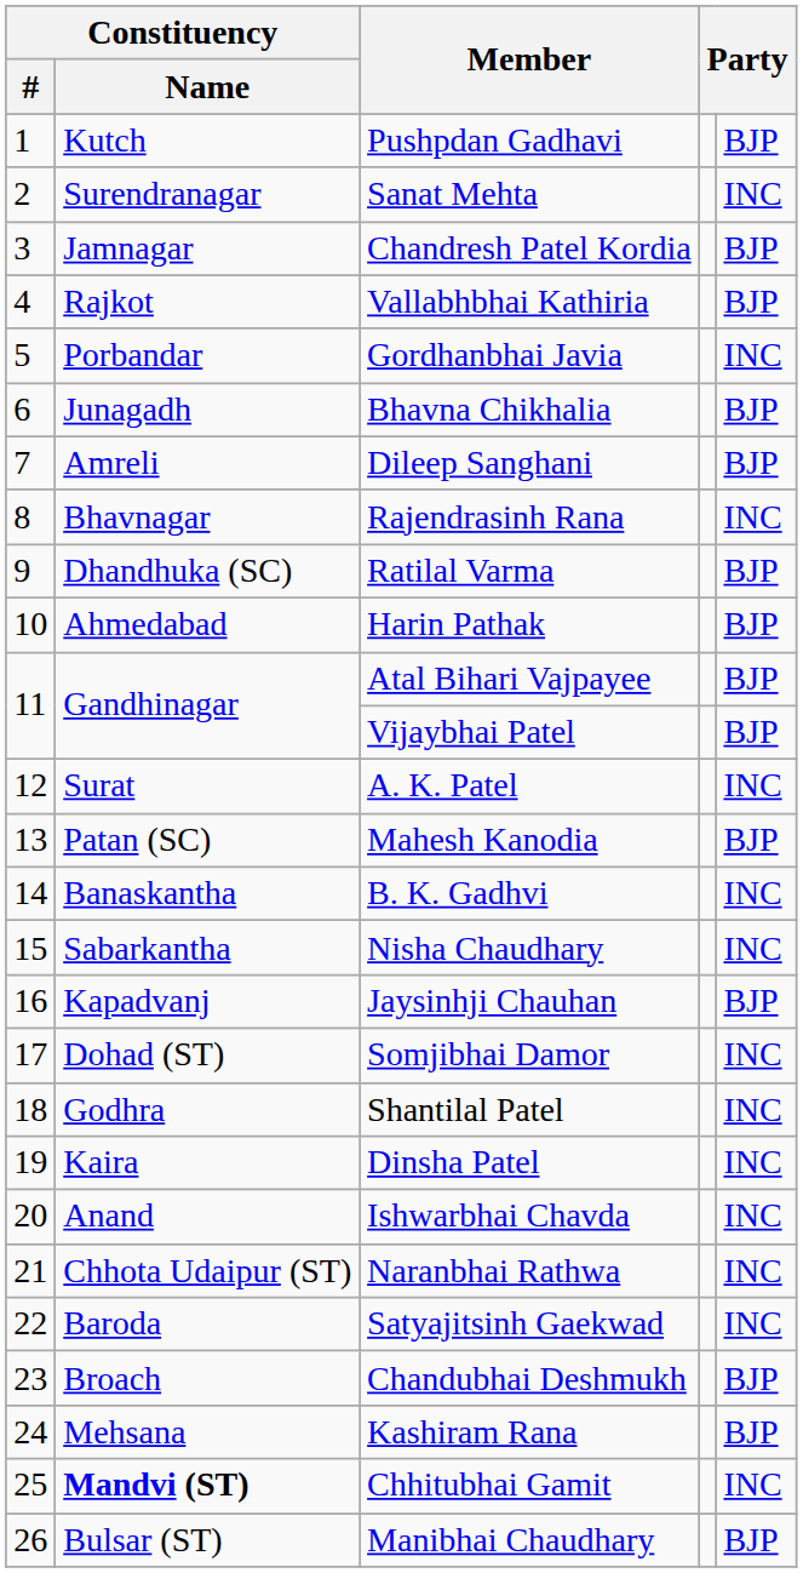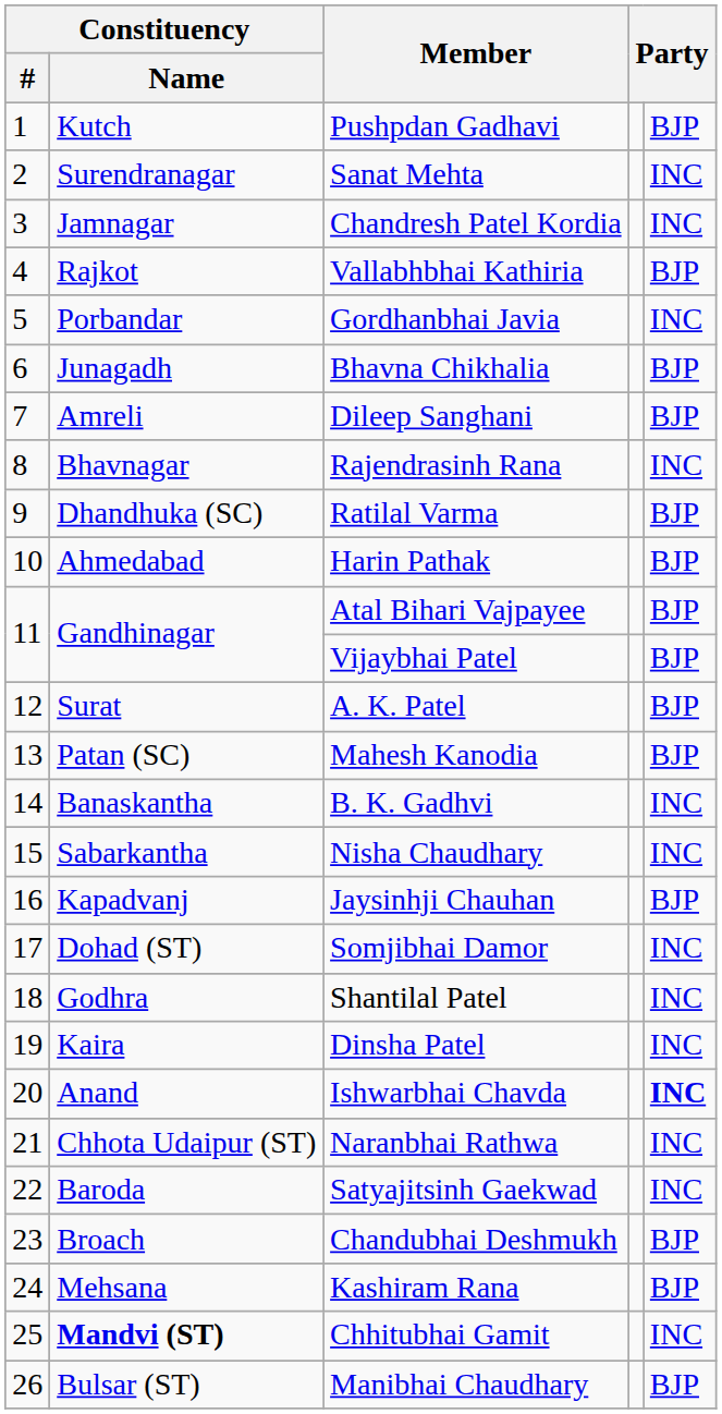 <table class="wikitable sortable">
 <tr>
 <th colspan="2">Constituency</th>
 <th rowspan="2">Member</th>
 <th colspan="2" rowspan="2">Party</th>
 </tr>
 <tr>
 <th>#</th>
 <th>Name</th>
 </tr>
 <tr>
 <td>1</td>
 <td><a href='#'>Kutch</a></td>
 <td><a href='#'>Pushpdan Gadhavi</a></td>
 <td style="background-color: "></td>
 <td><a href='#'>BJP</a></td>
 </tr>
 <tr>
 <td>2</td>
 <td><a href='#'>Surendranagar</a></td>
 <td><a href='#'>Sanat Mehta</a></td>
 <td style="background-color: "></td>
 <td><a href='#'>INC</a></td>
 </tr>
 <tr>
 <td>3</td>
 <td><a href='#'>Jamnagar</a></td>
 <td><a href='#'>Chandresh Patel Kordia</a></td>
 <td style="background-color: "></td>
-<td><a href='#'>BJP</a></td>
+<td><a href='#'>INC</a></td>
 </tr>
 <tr>
 <td>4</td>
 <td><a href='#'>Rajkot</a></td>
 <td><a href='#'>Vallabhbhai Kathiria</a></td>
 <td style="background-color: "></td>
 <td><a href='#'>BJP</a></td>
 </tr>
 <tr>
 <td>5</td>
 <td><a href='#'>Porbandar</a></td>
 <td><a href='#'>Gordhanbhai Javia</a></td>
 <td style="background-color: "></td>
 <td><a href='#'>INC</a></td>
 </tr>
 <tr>
 <td>6</td>
 <td><a href='#'>Junagadh</a></td>
 <td><a href='#'>Bhavna Chikhalia</a></td>
 <td style="background-color: "></td>
 <td><a href='#'>BJP</a></td>
 </tr>
 <tr>
 <td>7</td>
 <td><a href='#'>Amreli</a></td>
 <td><a href='#'>Dileep Sanghani</a></td>
 <td style="background-color: "></td>
 <td><a href='#'>BJP</a></td>
 </tr>
 <tr>
 <td>8</td>
 <td><a href='#'>Bhavnagar</a></td>
 <td><a href='#'>Rajendrasinh Rana</a></td>
 <td style="background-color: "></td>
 <td><a href='#'>INC</a></td>
 </tr>
 <tr>
 <td>9</td>
 <td><a href='#'>Dhandhuka</a> (SC)</td>
 <td><a href='#'>Ratilal Varma</a></td>
 <td style="background-color: "></td>
 <td><a href='#'>BJP</a></td>
 </tr>
 <tr>
 <td>10</td>
 <td><a href='#'>Ahmedabad</a></td>
 <td><a href='#'>Harin Pathak</a></td>
 <td style="background-color: "></td>
 <td><a href='#'>BJP</a></td>
 </tr>
 <tr>
 <td rowspan="2">11</td>
 <td rowspan="2"><a href='#'>Gandhinagar</a></td>
 <td><a href='#'>Atal Bihari Vajpayee</a></td>
 <td style="background-color: "></td>
 <td><a href='#'>BJP</a></td>
 </tr>
 <tr>
 <td><a href='#'>Vijaybhai Patel</a></td>
 <td style="background-color: "></td>
 <td><a href='#'>BJP</a></td>
 </tr>
 <tr>
 <td>12</td>
 <td><a href='#'>Surat</a></td>
 <td><a href='#'>A. K. Patel</a></td>
 <td style="background-color: "></td>
-<td><a href='#'>INC</a></td>
+<td><a href='#'>BJP</a></td>
 </tr>
 <tr>
 <td>13</td>
 <td><a href='#'>Patan</a> (SC)</td>
 <td><a href='#'>Mahesh Kanodia</a></td>
 <td style="background-color: "></td>
 <td><a href='#'>BJP</a></td>
 </tr>
 <tr>
 <td>14</td>
 <td><a href='#'>Banaskantha</a></td>
 <td><a href='#'>B. K. Gadhvi</a></td>
 <td style="background-color: "></td>
 <td><a href='#'>INC</a></td>
 </tr>
 <tr>
 <td>15</td>
 <td><a href='#'>Sabarkantha</a></td>
 <td><a href='#'>Nisha Chaudhary</a></td>
 <td style="background-color: "></td>
 <td><a href='#'>INC</a></td>
 </tr>
 <tr>
 <td>16</td>
 <td><a href='#'>Kapadvanj</a></td>
 <td><a href='#'>Jaysinhji Chauhan</a></td>
 <td style="background-color: "></td>
 <td><a href='#'>BJP</a></td>
 </tr>
 <tr>
 <td>17</td>
 <td><a href='#'>Dohad</a> (ST)</td>
 <td><a href='#'>Somjibhai Damor</a></td>
 <td style="background-color: "></td>
 <td><a href='#'>INC</a></td>
 </tr>
 <tr>
 <td>18</td>
 <td><a href='#'>Godhra</a></td>
 <td>Shantilal Patel</td>
 <td style="background-color: "></td>
 <td><a href='#'>INC</a></td>
 </tr>
 <tr>
 <td>19</td>
 <td><a href='#'>Kaira</a></td>
 <td><a href='#'>Dinsha Patel</a></td>
 <td style="background-color: "></td>
 <td><a href='#'>INC</a></td>
 </tr>
 <tr>
 <td>20</td>
 <td><a href='#'>Anand</a></td>
 <td><a href='#'>Ishwarbhai Chavda</a></td>
 <td style="background-color: "></td>
-<td><a href='#'>INC</a></td>
+<td><strong><a href='#'>INC</a></strong></td>
 </tr>
 <tr>
 <td>21</td>
 <td><a href='#'>Chhota Udaipur</a> (ST)</td>
 <td><a href='#'>Naranbhai Rathwa</a></td>
 <td style="background-color: "></td>
 <td><a href='#'>INC</a></td>
 </tr>
 <tr>
 <td>22</td>
 <td><a href='#'>Baroda</a></td>
 <td><a href='#'>Satyajitsinh Gaekwad</a></td>
 <td style="background-color: "></td>
 <td><a href='#'>INC</a></td>
 </tr>
 <tr>
 <td>23</td>
 <td><a href='#'>Broach</a></td>
 <td><a href='#'>Chandubhai Deshmukh</a></td>
 <td style="background-color: "></td>
 <td><a href='#'>BJP</a></td>
 </tr>
 <tr>
 <td>24</td>
 <td><a href='#'>Mehsana</a></td>
 <td><a href='#'>Kashiram Rana</a></td>
 <td style="background-color: "></td>
 <td><a href='#'>BJP</a></td>
 </tr>
 <tr>
 <td>25</td>
 <td><strong><a href='#'>Mandvi</a> (ST)</strong></td>
 <td><a href='#'>Chhitubhai Gamit</a></td>
 <td style="background-color: "></td>
 <td><a href='#'>INC</a></td>
 </tr>
 <tr>
 <td>26</td>
 <td><a href='#'>Bulsar</a> (ST)</td>
 <td><a href='#'>Manibhai Chaudhary</a></td>
 <td style="background-color: "></td>
 <td><a href='#'>BJP</a></td>
 </tr>
 </table>
